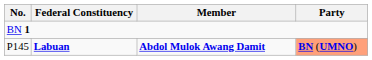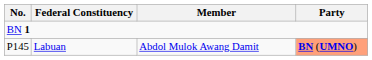 <table class="wikitable sortable">
 <tr>
 <th style="width:30px;">No.</th>
 <th style="width:150px;">Federal Constituency</th>
 <th style="width:230px;">Member</th>
 <th style="width:100px;">Party</th>
 </tr>
 <tr>
 <td colspan="4"><a href='#'>BN</a> <strong>1</strong></td>
 </tr>
 <tr>
 <td>P145</td>
-<td><strong><a href='#'>Labuan</a></strong></td>
-<td><strong><a href='#'>Abdol Mulok Awang Damit</a></strong></td>
+<td><a href='#'>Labuan</a></td>
+<td><a href='#'>Abdol Mulok Awang Damit</a></td>
 <td style="background: lightsalmon;"><strong><a href='#'>BN</a></strong> (<strong><a href='#'>UMNO</a></strong>)</td>
 </tr>
 </table>
